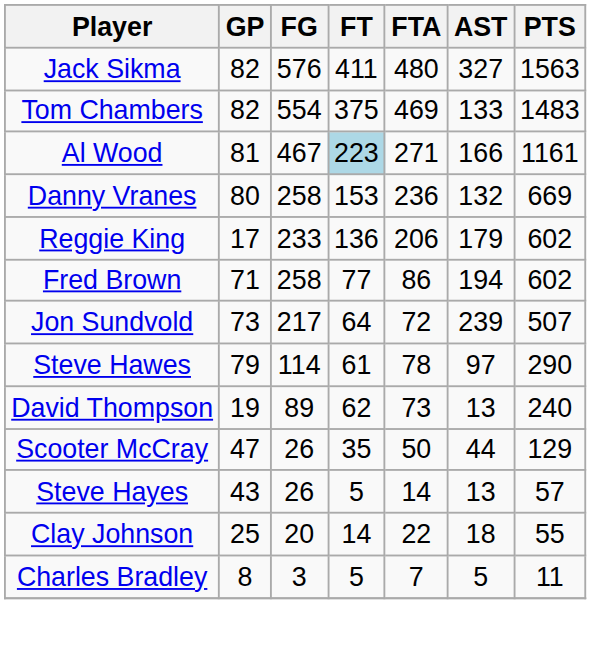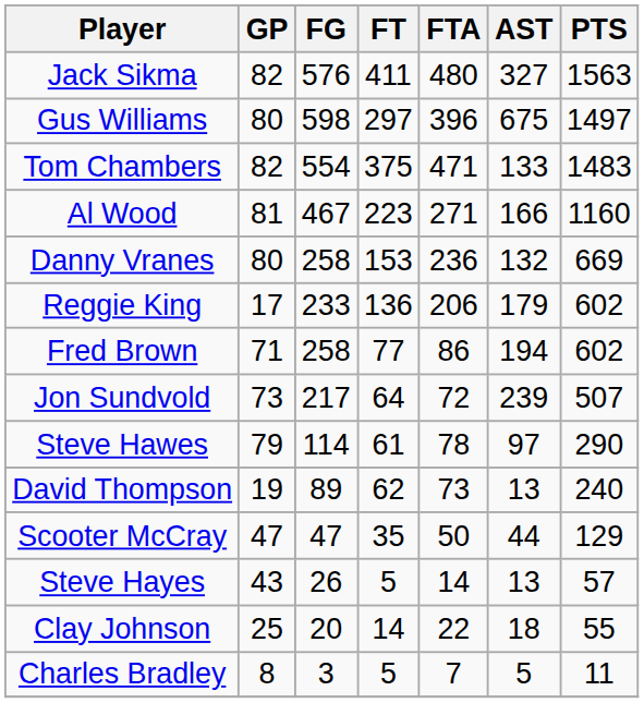 <table class="wikitable sortable" style="font-size: 90%">
 <tr>
 <th>Player</th>
 <th>GP</th>
 <th>FG</th>
 <th>FT</th>
 <th>FTA</th>
 <th>AST</th>
 <th>PTS</th>
 </tr>
 <tr align="center">
 <td><a href='#'>Jack Sikma</a></td>
 <td>82</td>
 <td>576</td>
 <td>411</td>
 <td>480</td>
 <td>327</td>
 <td>1563</td>
 </tr>
 <tr align="center">
+<td><a href='#'>Gus Williams</a></td>
+<td>80</td>
+<td>598</td>
+<td>297</td>
+<td>396</td>
+<td>675</td>
+<td>1497</td>
+</tr>
+<tr align="center">
 <td><a href='#'>Tom Chambers</a></td>
 <td>82</td>
 <td>554</td>
 <td>375</td>
-<td>469</td>
+<td>471</td>
 <td>133</td>
 <td>1483</td>
 </tr>
 <tr align="center">
 <td><a href='#'>Al Wood</a></td>
 <td>81</td>
 <td>467</td>
-<td style="background: lightblue;">223</td>
+<td>223</td>
 <td>271</td>
 <td>166</td>
-<td>1161</td>
+<td>1160</td>
 </tr>
 <tr align="center">
 <td><a href='#'>Danny Vranes</a></td>
 <td>80</td>
 <td>258</td>
 <td>153</td>
 <td>236</td>
 <td>132</td>
 <td>669</td>
 </tr>
 <tr align="center">
 <td><a href='#'>Reggie King</a></td>
 <td>17</td>
 <td>233</td>
 <td>136</td>
 <td>206</td>
 <td>179</td>
 <td>602</td>
 </tr>
 <tr align="center">
 <td><a href='#'>Fred Brown</a></td>
 <td>71</td>
 <td>258</td>
 <td>77</td>
 <td>86</td>
 <td>194</td>
 <td>602</td>
 </tr>
 <tr align="center">
 <td><a href='#'>Jon Sundvold</a></td>
 <td>73</td>
 <td>217</td>
 <td>64</td>
 <td>72</td>
 <td>239</td>
 <td>507</td>
 </tr>
 <tr align="center">
 <td><a href='#'>Steve Hawes</a></td>
 <td>79</td>
 <td>114</td>
 <td>61</td>
 <td>78</td>
 <td>97</td>
 <td>290</td>
 </tr>
 <tr align="center">
 <td><a href='#'>David Thompson</a></td>
 <td>19</td>
 <td>89</td>
 <td>62</td>
 <td>73</td>
 <td>13</td>
 <td>240</td>
 </tr>
 <tr align="center">
 <td><a href='#'>Scooter McCray</a></td>
 <td>47</td>
-<td>26</td>
+<td>47</td>
 <td>35</td>
 <td>50</td>
 <td>44</td>
 <td>129</td>
 </tr>
 <tr align="center">
 <td><a href='#'>Steve Hayes</a></td>
 <td>43</td>
 <td>26</td>
 <td>5</td>
 <td>14</td>
 <td>13</td>
 <td>57</td>
 </tr>
 <tr align="center">
 <td><a href='#'>Clay Johnson</a></td>
 <td>25</td>
 <td>20</td>
 <td>14</td>
 <td>22</td>
 <td>18</td>
 <td>55</td>
 </tr>
 <tr align="center">
 <td><a href='#'>Charles Bradley</a></td>
 <td>8</td>
 <td>3</td>
 <td>5</td>
 <td>7</td>
 <td>5</td>
 <td>11</td>
 </tr>
 <tr align="center">
 </tr>
 </table>
